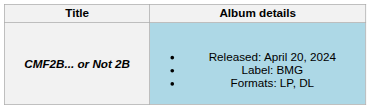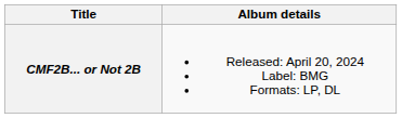 <table class="wikitable plainrowheaders" style="text-align:center;">
 <tr>
 <th scope="col" style="width:12em;">Title</th>
 <th scope="col" style="width:18em;">Album details</th>
 </tr>
 <tr>
 <th scope="row"><em>CMF2B... or Not 2B</em></th>
-<td style="background: lightblue;"><br><ul><li>Released: April 20, 2024</li><li>Label: BMG</li><li>Formats: LP, DL</li></ul></td>
+<td><br><ul><li>Released: April 20, 2024</li><li>Label: BMG</li><li>Formats: LP, DL</li></ul></td>
 </tr>
 </table>
